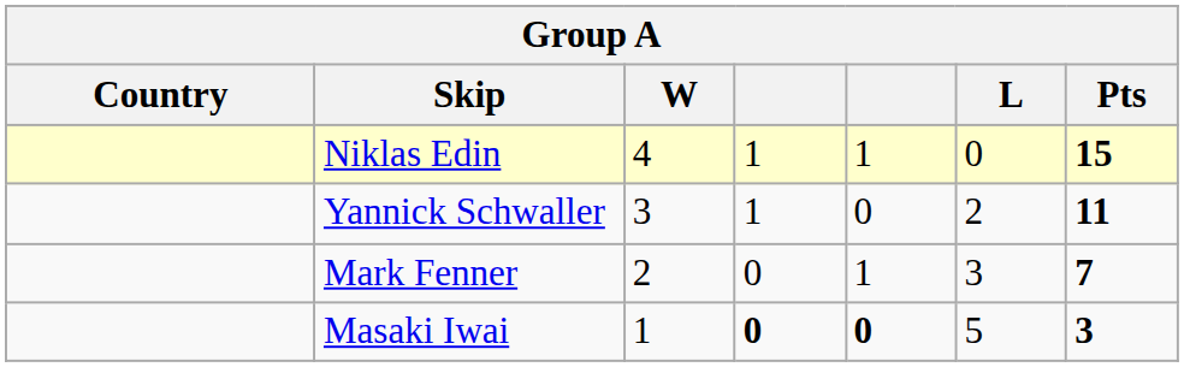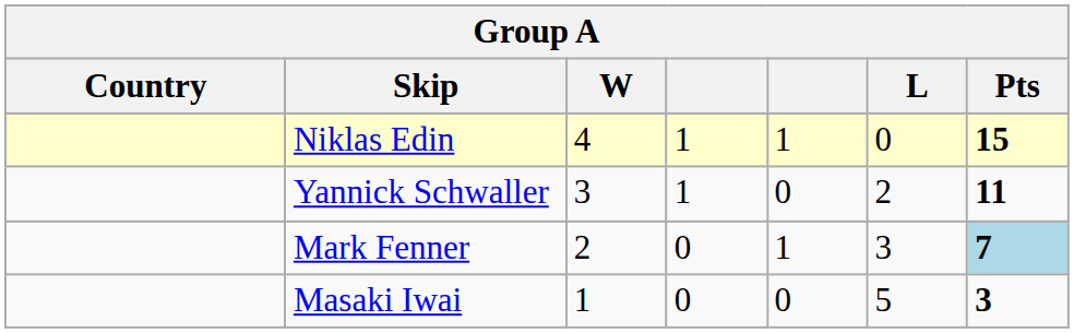 <table class=wikitable>
 <tr>
 <th colspan=7>Group A</th>
 </tr>
 <tr>
 <th width=125>Country</th>
 <th width=125>Skip</th>
 <th width=40>W</th>
 <th width=40></th>
 <th width=40></th>
 <th width=40>L</th>
 <th width=40>Pts</th>
 </tr>
 <tr bgcolor=#ffffcc>
 <td></td>
 <td><a href='#'>Niklas Edin</a></td>
 <td>4</td>
 <td>1</td>
 <td>1</td>
 <td>0</td>
 <td><strong>15</strong></td>
 </tr>
 <tr>
 <td></td>
 <td><a href='#'>Yannick Schwaller</a></td>
 <td>3</td>
 <td>1</td>
 <td>0</td>
 <td>2</td>
 <td><strong>11</strong></td>
 </tr>
 <tr>
 <td></td>
 <td><a href='#'>Mark Fenner</a></td>
 <td>2</td>
 <td>0</td>
 <td>1</td>
 <td>3</td>
-<td><strong>7</strong></td>
+<td style="background: lightblue;"><strong>7</strong></td>
 </tr>
 <tr>
 <td></td>
 <td><a href='#'>Masaki Iwai</a></td>
 <td>1</td>
-<td><strong>0</strong></td>
-<td><strong>0</strong></td>
+<td>0</td>
+<td>0</td>
 <td>5</td>
 <td><strong>3</strong></td>
 </tr>
 </table>
